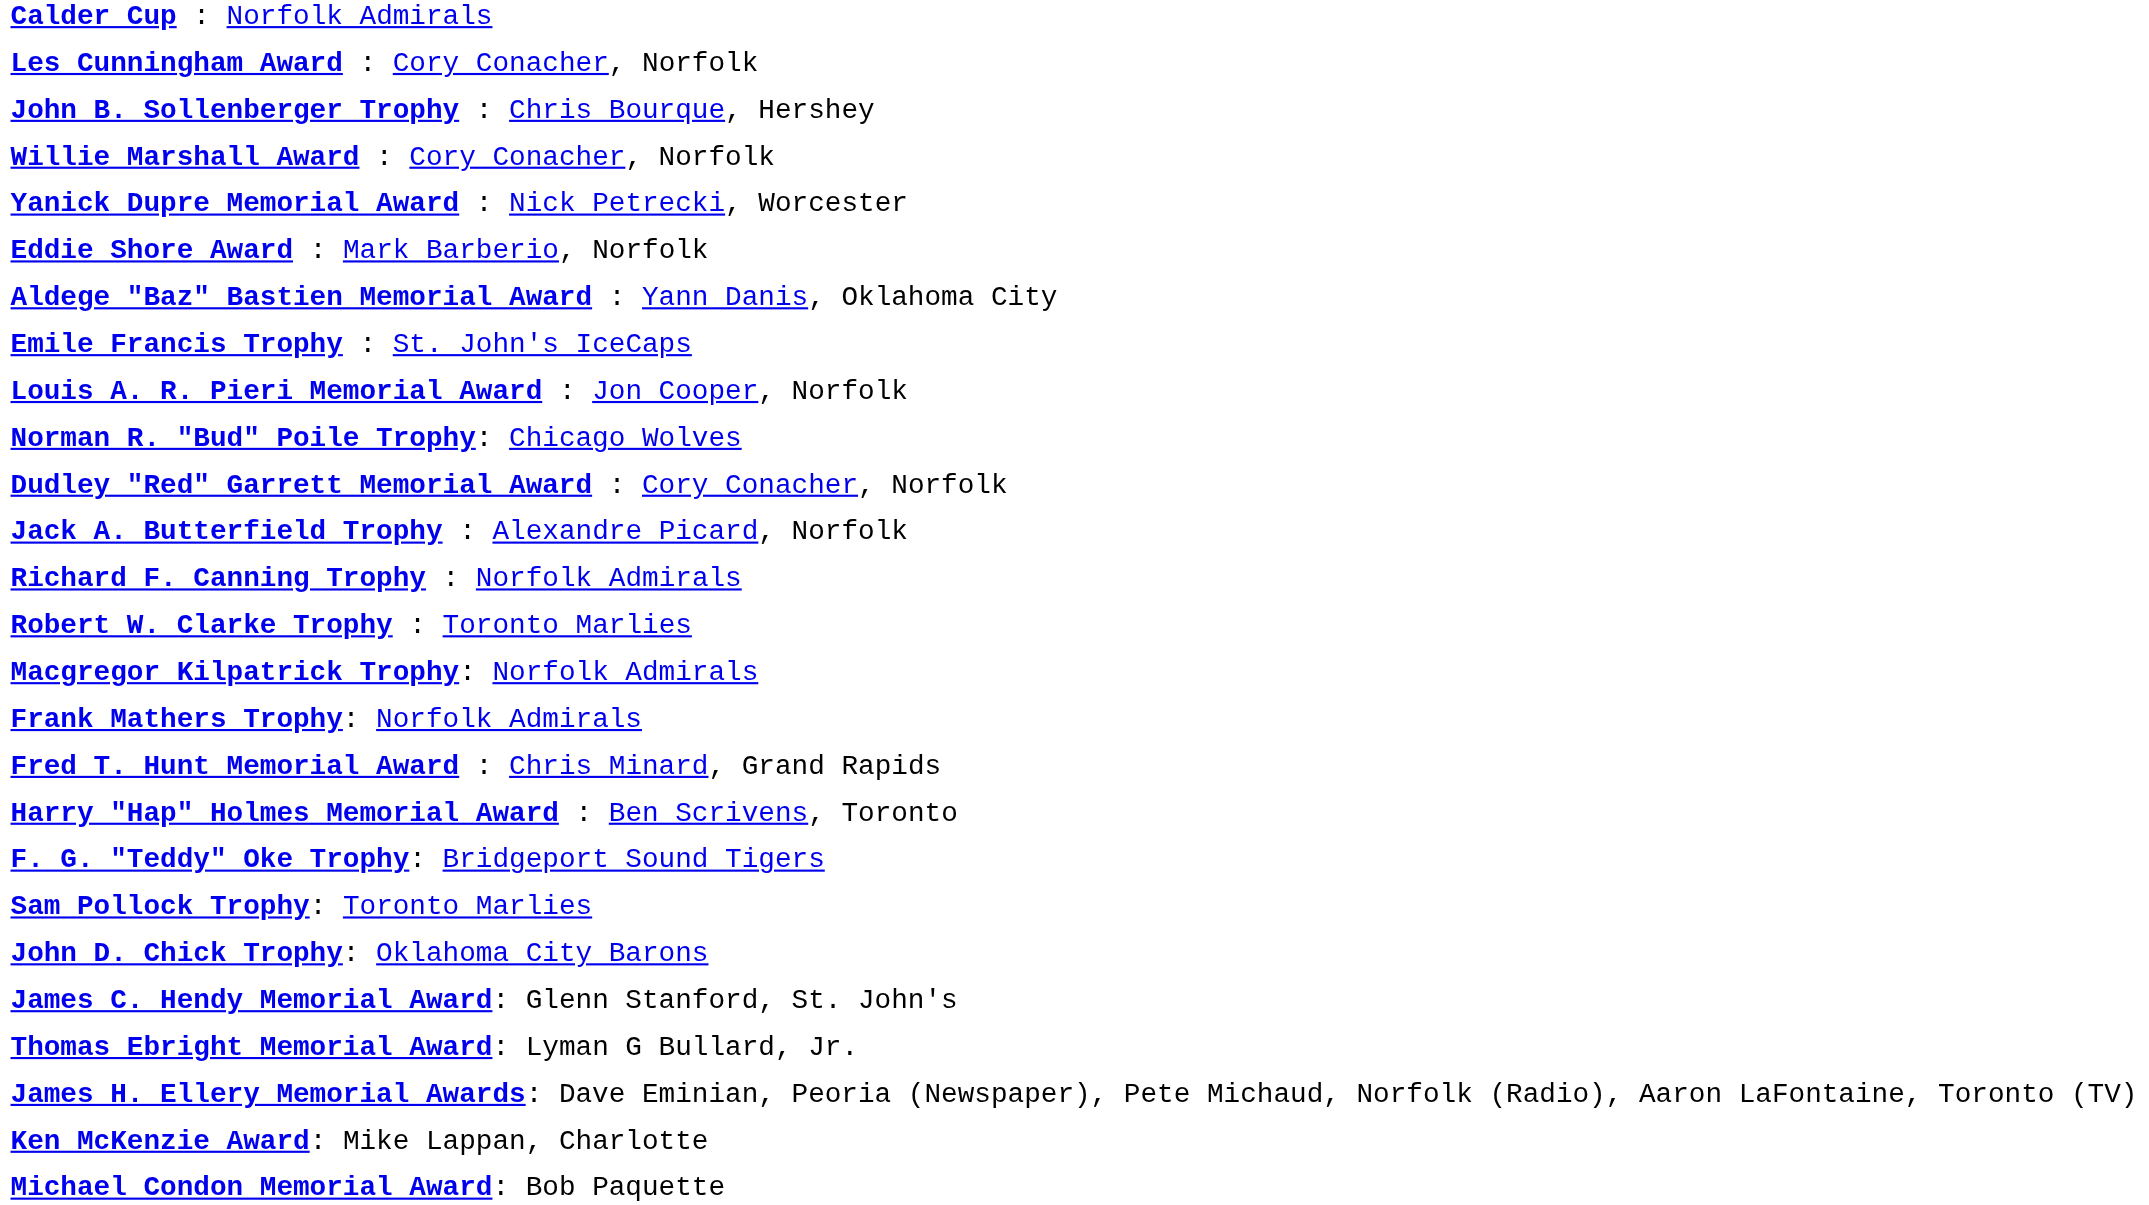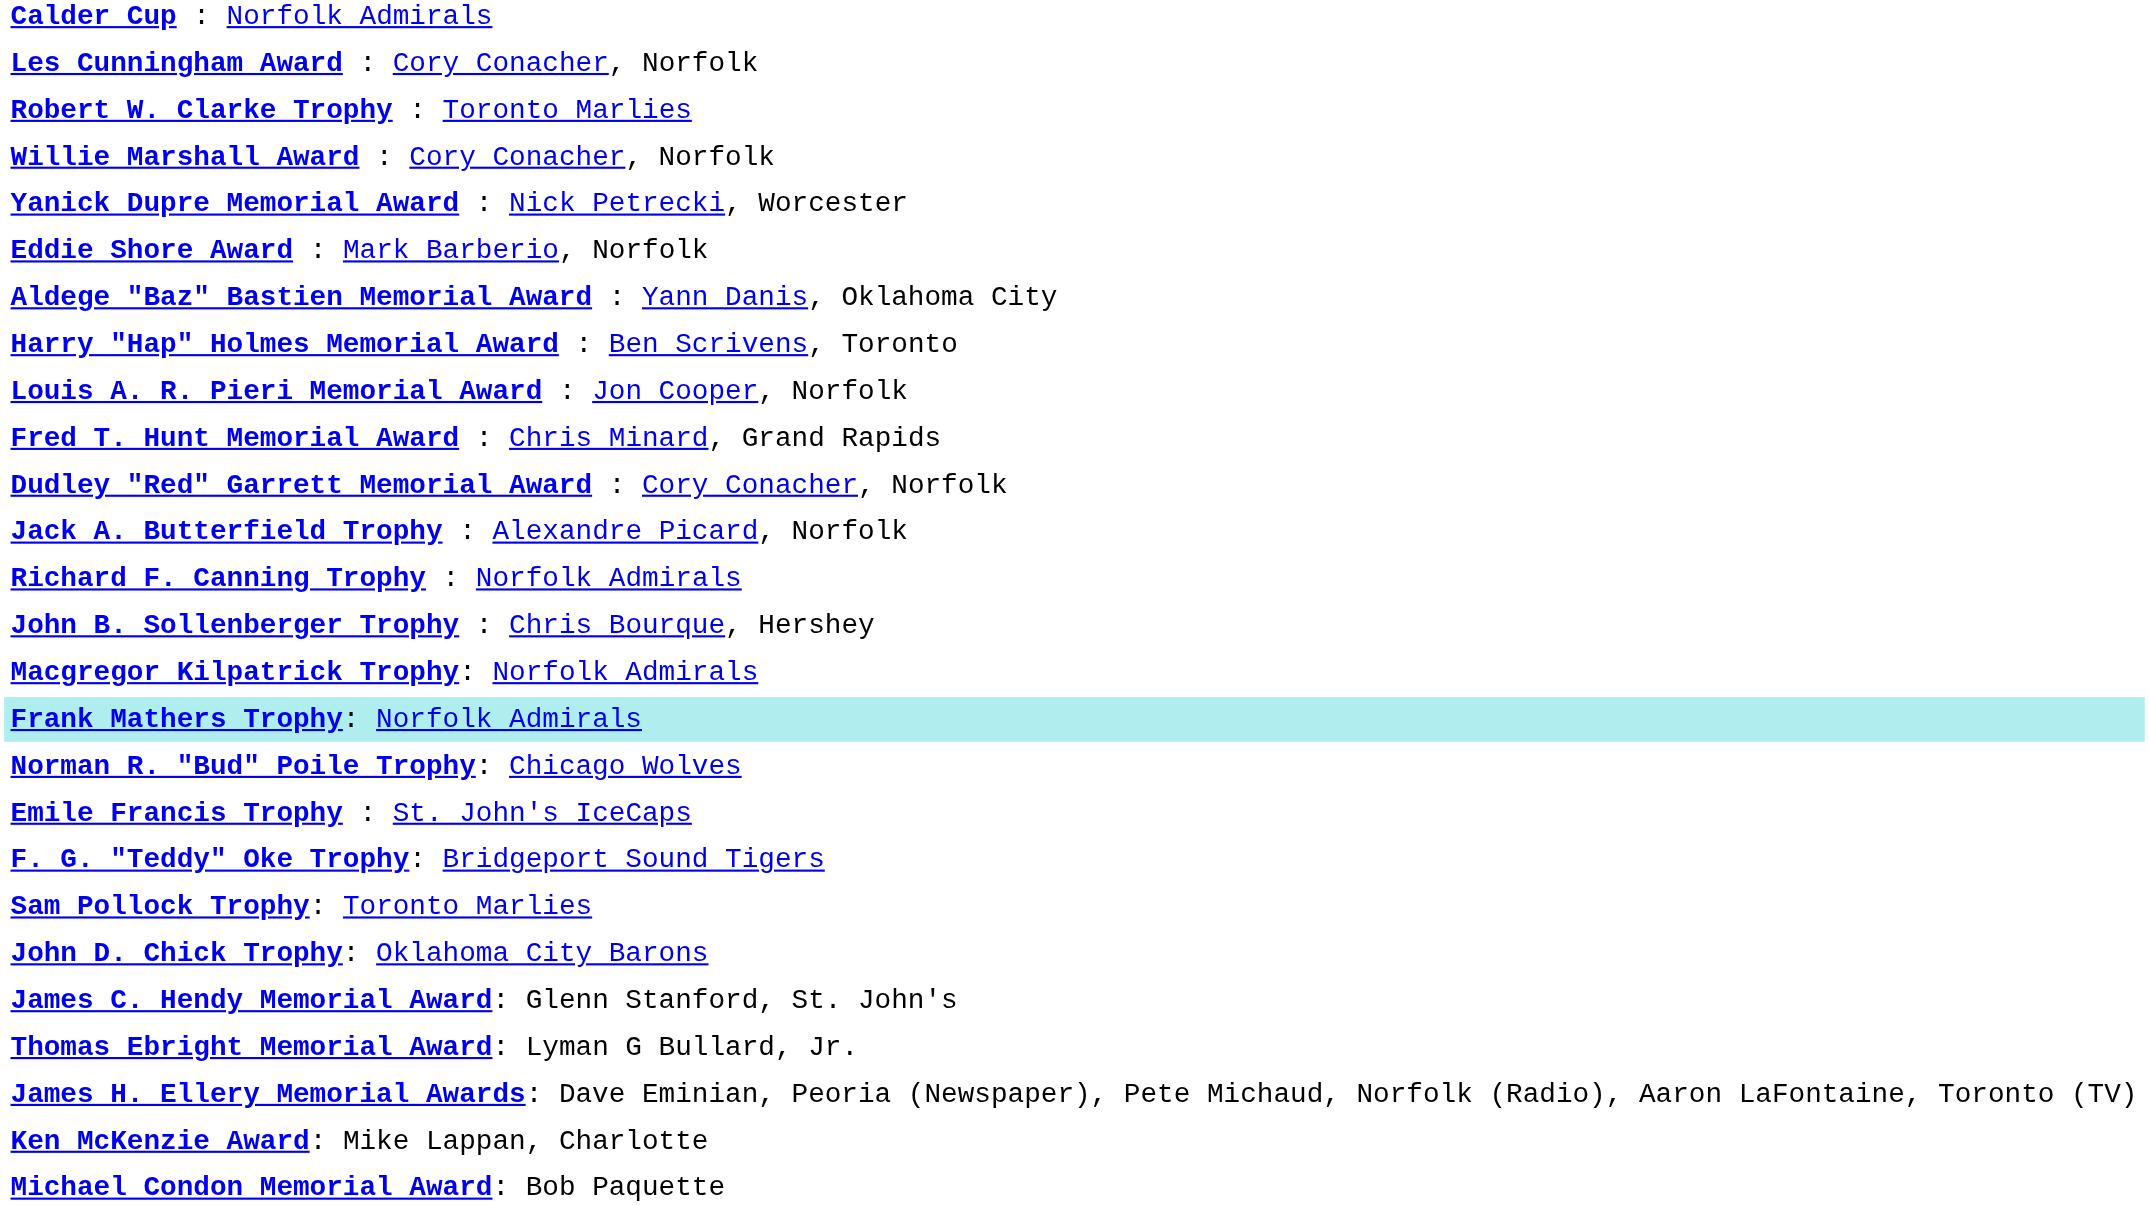 <table cellpadding="3" cellspacing="1">
 <tr>
 <td><strong><a href='#'>Calder Cup</a> </strong>:  <a href='#'>Norfolk Admirals</a></td>
 </tr>
 <tr>
 <td><strong><a href='#'>Les Cunningham Award</a> </strong>: <a href='#'>Cory Conacher</a>, Norfolk</td>
 </tr>
 <tr>
-<td><strong><a href='#'>John B. Sollenberger Trophy</a> </strong>: <a href='#'>Chris Bourque</a>, Hershey</td>
+<td><strong><a href='#'>Robert W. Clarke Trophy</a> </strong>: <a href='#'>Toronto Marlies</a></td>
 </tr>
 <tr>
 <td><strong><a href='#'>Willie Marshall Award</a> </strong>: <a href='#'>Cory Conacher</a>, Norfolk</td>
 </tr>
 <tr>
 <td><strong><a href='#'>Yanick Dupre Memorial Award</a> </strong>: <a href='#'>Nick Petrecki</a>, Worcester</td>
 </tr>
 <tr>
 <td><strong><a href='#'>Eddie Shore Award</a> </strong>: <a href='#'>Mark Barberio</a>, Norfolk</td>
 </tr>
 <tr>
 <td><strong><a href='#'>Aldege "Baz" Bastien Memorial Award</a> </strong>: <a href='#'>Yann Danis</a>, Oklahoma City</td>
 </tr>
 <tr>
-<td><strong><a href='#'>Emile Francis Trophy</a> </strong>: <a href='#'>St. John's IceCaps</a></td>
+<td><strong><a href='#'>Harry "Hap" Holmes Memorial Award</a> </strong>: <a href='#'>Ben Scrivens</a>, Toronto</td>
 </tr>
 <tr>
 <td><strong><a href='#'>Louis A. R. Pieri Memorial Award</a> </strong>: <a href='#'>Jon Cooper</a>, Norfolk</td>
 </tr>
 <tr>
-<td><strong><a href='#'>Norman R. "Bud" Poile Trophy</a></strong>: <a href='#'>Chicago Wolves</a></td>
+<td><strong><a href='#'>Fred T. Hunt Memorial Award</a> </strong>: <a href='#'>Chris Minard</a>, Grand Rapids</td>
 </tr>
 <tr>
 <td><strong><a href='#'>Dudley "Red" Garrett Memorial Award</a> </strong>: <a href='#'>Cory Conacher</a>, Norfolk</td>
 </tr>
 <tr>
 <td><strong><a href='#'>Jack A. Butterfield Trophy</a> </strong>: <a href='#'>Alexandre Picard</a>, Norfolk</td>
 </tr>
 <tr>
 <td><strong><a href='#'>Richard F. Canning Trophy</a> </strong>: <a href='#'>Norfolk Admirals</a></td>
 </tr>
 <tr>
-<td><strong><a href='#'>Robert W. Clarke Trophy</a> </strong>: <a href='#'>Toronto Marlies</a></td>
+<td><strong><a href='#'>John B. Sollenberger Trophy</a> </strong>: <a href='#'>Chris Bourque</a>, Hershey</td>
 </tr>
 <tr>
 <td><strong><a href='#'>Macgregor Kilpatrick Trophy</a></strong>: <a href='#'>Norfolk Admirals</a></td>
 </tr>
 <tr>
-<td><strong><a href='#'>Frank Mathers Trophy</a></strong>: <a href='#'>Norfolk Admirals</a></td>
+<td style="background: paleturquoise;"><strong><a href='#'>Frank Mathers Trophy</a></strong>: <a href='#'>Norfolk Admirals</a></td>
 </tr>
 <tr>
-<td><strong><a href='#'>Fred T. Hunt Memorial Award</a> </strong>: <a href='#'>Chris Minard</a>, Grand Rapids</td>
+<td><strong><a href='#'>Norman R. "Bud" Poile Trophy</a></strong>: <a href='#'>Chicago Wolves</a></td>
 </tr>
 <tr>
-<td><strong><a href='#'>Harry "Hap" Holmes Memorial Award</a> </strong>: <a href='#'>Ben Scrivens</a>, Toronto</td>
+<td><strong><a href='#'>Emile Francis Trophy</a> </strong>: <a href='#'>St. John's IceCaps</a></td>
 </tr>
 <tr>
 <td><strong><a href='#'>F. G. "Teddy" Oke Trophy</a></strong>: <a href='#'>Bridgeport Sound Tigers</a></td>
 </tr>
 <tr>
 <td><strong><a href='#'>Sam Pollock Trophy</a></strong>: <a href='#'>Toronto Marlies</a></td>
 </tr>
 <tr>
 <td><strong><a href='#'>John D. Chick Trophy</a></strong>: <a href='#'>Oklahoma City Barons</a></td>
 </tr>
 <tr>
 <td><strong><a href='#'>James C. Hendy Memorial Award</a></strong>: Glenn Stanford, St. John's</td>
 </tr>
 <tr>
 <td><strong><a href='#'>Thomas Ebright Memorial Award</a></strong>: Lyman G Bullard, Jr.</td>
 </tr>
 <tr>
 <td><strong><a href='#'>James H. Ellery Memorial Awards</a></strong>: Dave Eminian, Peoria (Newspaper), Pete Michaud, Norfolk (Radio), Aaron LaFontaine, Toronto (TV)</td>
 </tr>
 <tr>
 <td><strong><a href='#'>Ken McKenzie Award</a></strong>: Mike Lappan, Charlotte</td>
 </tr>
 <tr>
 <td><strong><a href='#'>Michael Condon Memorial Award</a></strong>: Bob Paquette</td>
 </tr>
 </table>
